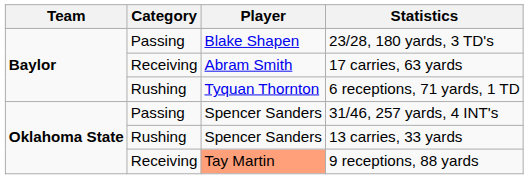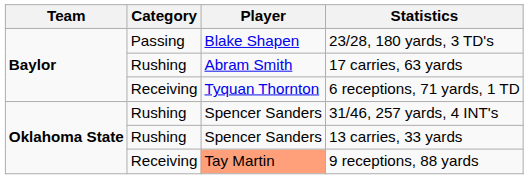 <table class="wikitable" style="float: right;">
 <tr>
 <th>Team</th>
 <th>Category</th>
 <th>Player</th>
 <th>Statistics</th>
 </tr>
 <tr>
 <td rowspan=3><strong>Baylor</strong></td>
 <td>Passing</td>
 <td><a href='#'>Blake Shapen</a></td>
 <td>23/28, 180 yards, 3 TD's</td>
 </tr>
 <tr>
-<td>Receiving</td>
+<td>Rushing</td>
 <td><a href='#'>Abram Smith</a></td>
 <td>17 carries, 63 yards</td>
 </tr>
 <tr>
-<td>Rushing</td>
+<td>Receiving</td>
 <td><a href='#'>Tyquan Thornton</a></td>
 <td>6 receptions, 71 yards, 1 TD</td>
 </tr>
 <tr>
 <td rowspan=3><strong>Oklahoma State</strong></td>
-<td>Passing</td>
+<td>Rushing</td>
 <td>Spencer Sanders</td>
 <td>31/46, 257 yards, 4 INT's</td>
 </tr>
 <tr>
 <td>Rushing</td>
 <td>Spencer Sanders</td>
 <td>13 carries, 33 yards</td>
 </tr>
 <tr>
 <td>Receiving</td>
 <td style="background: lightsalmon;">Tay Martin</td>
 <td>9 receptions, 88 yards</td>
 </tr>
 </table>
